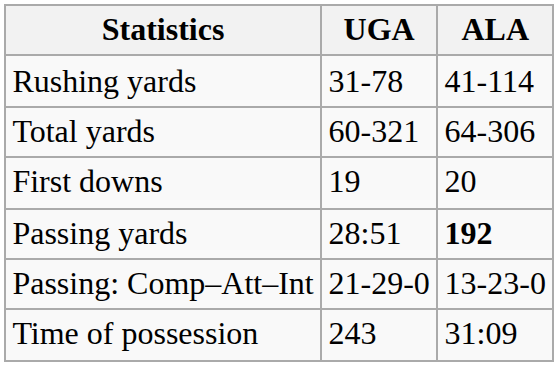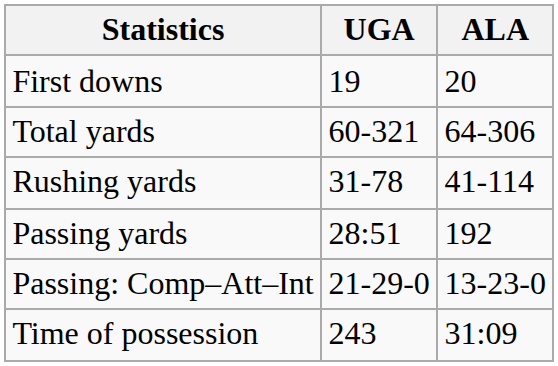 <table class="wikitable" style="float: left;">
 <tr>
 <th>Statistics</th>
 <th>UGA</th>
 <th>ALA</th>
 </tr>
 <tr>
-<td>Rushing yards</td>
-<td>31-78</td>
-<td>41-114</td>
+<td>First downs</td>
+<td>19</td>
+<td>20</td>
 </tr>
 <tr>
 <td>Total yards</td>
 <td>60-321</td>
 <td>64-306</td>
 </tr>
 <tr>
-<td>First downs</td>
-<td>19</td>
-<td>20</td>
+<td>Rushing yards</td>
+<td>31-78</td>
+<td>41-114</td>
 </tr>
 <tr>
 <td>Passing yards</td>
 <td>28:51</td>
-<td><strong>192</strong></td>
+<td>192</td>
 </tr>
 <tr>
 <td>Passing: Comp–Att–Int</td>
 <td>21-29-0</td>
 <td>13-23-0</td>
 </tr>
 <tr>
 <td>Time of possession</td>
 <td>243</td>
 <td>31:09</td>
 </tr>
 <tr>
 </tr>
 </table>
